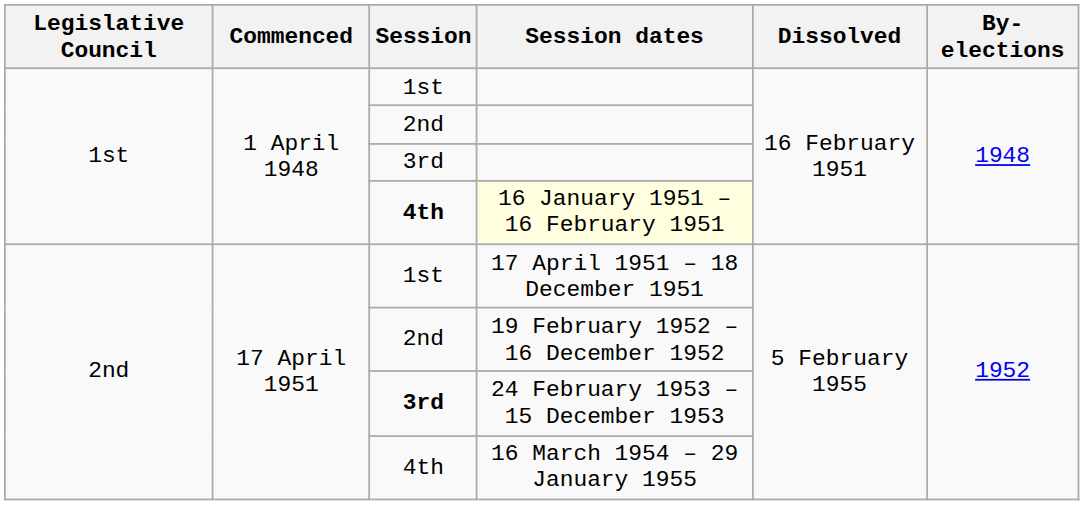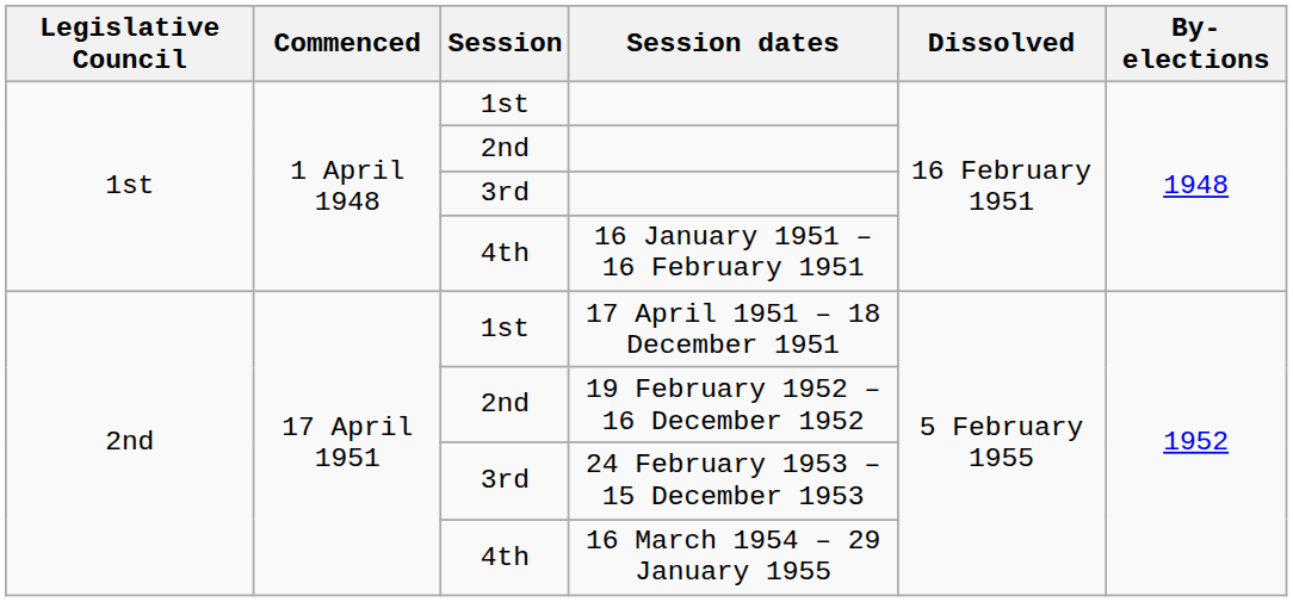 <table class="wikitable" style="text-align:center">
 <tr>
 <th>Legislative Council</th>
 <th>Commenced</th>
 <th>Session</th>
 <th>Session dates</th>
 <th>Dissolved</th>
 <th>By-elections</th>
 </tr>
 <tr>
 <td rowspan=4>1st<br></td>
 <td rowspan=4>1 April 1948</td>
 <td>1st</td>
 <td></td>
 <td rowspan=4>16 February 1951</td>
 <td rowspan=4><a href='#'>1948</a></td>
 </tr>
 <tr>
 <td>2nd</td>
 <td></td>
 </tr>
 <tr>
 <td>3rd</td>
 <td></td>
 </tr>
 <tr>
-<td><strong>4th</strong></td>
-<td style="background: lightyellow;">16 January 1951 – 16 February 1951</td>
+<td>4th</td>
+<td>16 January 1951 – 16 February 1951</td>
 </tr>
 <tr>
 <td rowspan=4>2nd<br></td>
 <td rowspan=4>17 April 1951</td>
 <td>1st</td>
 <td>17 April 1951 – 18 December 1951</td>
 <td rowspan=4>5 February 1955</td>
 <td rowspan=4><a href='#'>1952</a></td>
 </tr>
 <tr>
 <td>2nd</td>
 <td>19 February 1952 – 16 December 1952</td>
 </tr>
 <tr>
-<td><strong>3rd</strong></td>
+<td>3rd</td>
 <td>24 February 1953 – 15 December 1953</td>
 </tr>
 <tr>
 <td>4th</td>
 <td>16 March 1954 – 29 January 1955</td>
 </tr>
 </table>
